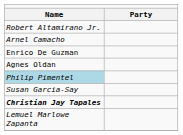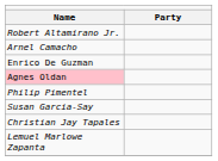 <table class=wikitable style="font-size:90%">
 <tr>
 <td colspan=4 bgcolor=></td>
 </tr>
 <tr>
 <th width=150px>Name</th>
 <th colspan=2 width=110px>Party</th>
 </tr>
 <tr>
 <td><em>Robert Altamirano Jr.</em></td>
 <td></td>
 </tr>
 <tr>
 <td><em>Arnel Camacho</em></td>
 <td></td>
 </tr>
 <tr>
 <td>Enrico De Guzman</td>
 <td></td>
 </tr>
 <tr>
-<td>Agnes Oldan</td>
+<td style="background: pink;">Agnes Oldan</td>
 <td></td>
 </tr>
 <tr>
-<td style="background: lightblue;"><em>Philip Pimentel</em></td>
+<td><em>Philip Pimentel</em></td>
 <td></td>
 </tr>
 <tr>
 <td><em>Susan Garcia-Say</em></td>
 <td></td>
 </tr>
 <tr>
-<td><strong><em>Christian Jay Tapales</em></strong></td>
+<td><em>Christian Jay Tapales</em></td>
 <td></td>
 </tr>
 <tr>
 <td><em>Lemuel Marlowe Zapanta</em></td>
 <td></td>
 </tr>
 <tr>
 </tr>
 </table>
